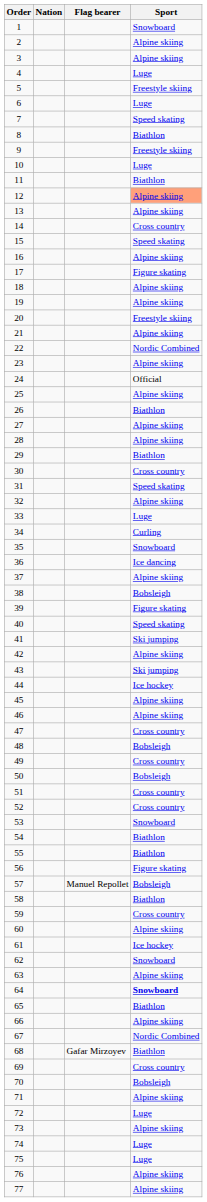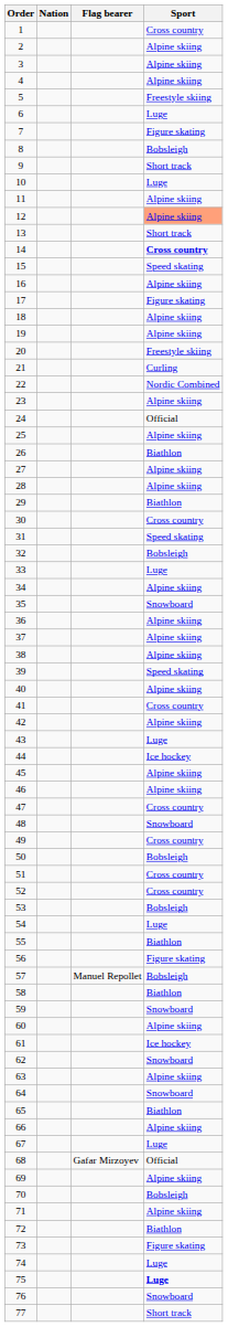 <table class="wikitable sortable" style="font-size:95%;">
 <tr>
 <th>Order</th>
 <th>Nation</th>
 <th>Flag bearer</th>
 <th>Sport</th>
 </tr>
 <tr>
 <td align=center>1</td>
 <td></td>
 <td></td>
-<td><a href='#'>Snowboard</a></td>
+<td><a href='#'>Cross country</a></td>
 </tr>
 <tr>
 <td align=center>2</td>
 <td></td>
 <td></td>
 <td><a href='#'>Alpine skiing</a></td>
 </tr>
 <tr>
 <td align=center>3</td>
 <td></td>
 <td></td>
 <td><a href='#'>Alpine skiing</a></td>
 </tr>
 <tr>
 <td align=center>4</td>
 <td></td>
 <td></td>
-<td><a href='#'>Luge</a></td>
+<td><a href='#'>Alpine skiing</a></td>
 </tr>
 <tr>
 <td align=center>5</td>
 <td></td>
 <td></td>
 <td><a href='#'>Freestyle skiing</a></td>
 </tr>
 <tr>
 <td align=center>6</td>
 <td></td>
 <td></td>
 <td><a href='#'>Luge</a></td>
 </tr>
 <tr>
 <td align=center>7</td>
 <td></td>
 <td></td>
-<td><a href='#'>Speed skating</a></td>
+<td><a href='#'>Figure skating</a></td>
 </tr>
 <tr>
 <td align=center>8</td>
 <td></td>
 <td></td>
-<td><a href='#'>Biathlon</a></td>
+<td><a href='#'>Bobsleigh</a></td>
 </tr>
 <tr>
 <td align=center>9</td>
 <td></td>
 <td></td>
-<td><a href='#'>Freestyle skiing</a></td>
+<td><a href='#'>Short track</a></td>
 </tr>
 <tr>
 <td align=center>10</td>
 <td></td>
 <td></td>
 <td><a href='#'>Luge</a></td>
 </tr>
 <tr>
 <td align=center>11</td>
 <td></td>
 <td></td>
-<td><a href='#'>Biathlon</a></td>
+<td><a href='#'>Alpine skiing</a></td>
 </tr>
 <tr>
 <td align=center>12</td>
 <td></td>
 <td></td>
 <td style="background: lightsalmon;"><a href='#'>Alpine skiing</a></td>
 </tr>
 <tr>
 <td align=center>13</td>
 <td></td>
 <td></td>
-<td><a href='#'>Alpine skiing</a></td>
+<td><a href='#'>Short track</a></td>
 </tr>
 <tr>
 <td align=center>14</td>
 <td></td>
 <td></td>
-<td><a href='#'>Cross country</a></td>
+<td><strong><a href='#'>Cross country</a></strong></td>
 </tr>
 <tr>
 <td align=center>15</td>
 <td></td>
 <td></td>
 <td><a href='#'>Speed skating</a></td>
 </tr>
 <tr>
 <td align=center>16</td>
 <td></td>
 <td></td>
 <td><a href='#'>Alpine skiing</a></td>
 </tr>
 <tr>
 <td align=center>17</td>
 <td></td>
 <td></td>
 <td><a href='#'>Figure skating</a></td>
 </tr>
 <tr>
 <td align=center>18</td>
 <td></td>
 <td></td>
 <td><a href='#'>Alpine skiing</a></td>
 </tr>
 <tr>
 <td align=center>19</td>
 <td></td>
 <td></td>
 <td><a href='#'>Alpine skiing</a></td>
 </tr>
 <tr>
 <td align=center>20</td>
 <td></td>
 <td></td>
 <td><a href='#'>Freestyle skiing</a></td>
 </tr>
 <tr>
 <td align=center>21</td>
 <td></td>
 <td></td>
-<td><a href='#'>Alpine skiing</a></td>
+<td><a href='#'>Curling</a></td>
 </tr>
 <tr>
 <td align=center>22</td>
 <td></td>
 <td></td>
 <td><a href='#'>Nordic Combined</a></td>
 </tr>
 <tr>
 <td align=center>23</td>
 <td></td>
 <td></td>
 <td><a href='#'>Alpine skiing</a></td>
 </tr>
 <tr>
 <td align=center>24</td>
 <td></td>
 <td></td>
 <td>Official</td>
 </tr>
 <tr>
 <td align=center>25</td>
 <td></td>
 <td></td>
 <td><a href='#'>Alpine skiing</a></td>
 </tr>
 <tr>
 <td align=center>26</td>
 <td></td>
 <td></td>
 <td><a href='#'>Biathlon</a></td>
 </tr>
 <tr>
 <td align=center>27</td>
 <td></td>
 <td></td>
 <td><a href='#'>Alpine skiing</a></td>
 </tr>
 <tr>
 <td align=center>28</td>
 <td></td>
 <td></td>
 <td><a href='#'>Alpine skiing</a></td>
 </tr>
 <tr>
 <td align=center>29</td>
 <td></td>
 <td></td>
 <td><a href='#'>Biathlon</a></td>
 </tr>
 <tr>
 <td align=center>30</td>
 <td></td>
 <td></td>
 <td><a href='#'>Cross country</a></td>
 </tr>
 <tr>
 <td align=center>31</td>
 <td></td>
 <td></td>
 <td><a href='#'>Speed skating</a></td>
 </tr>
 <tr>
 <td align=center>32</td>
 <td></td>
 <td></td>
-<td><a href='#'>Alpine skiing</a></td>
+<td><a href='#'>Bobsleigh</a></td>
 </tr>
 <tr>
 <td align=center>33</td>
 <td></td>
 <td></td>
 <td><a href='#'>Luge</a></td>
 </tr>
 <tr>
 <td align=center>34</td>
 <td></td>
 <td></td>
-<td><a href='#'>Curling</a></td>
+<td><a href='#'>Alpine skiing</a></td>
 </tr>
 <tr>
 <td align=center>35</td>
 <td></td>
 <td></td>
 <td><a href='#'>Snowboard</a></td>
 </tr>
 <tr>
 <td align=center>36</td>
 <td></td>
 <td></td>
-<td><a href='#'>Ice dancing</a></td>
+<td><a href='#'>Alpine skiing</a></td>
 </tr>
 <tr>
 <td align=center>37</td>
 <td></td>
 <td></td>
 <td><a href='#'>Alpine skiing</a></td>
 </tr>
 <tr>
 <td align=center>38</td>
 <td></td>
 <td></td>
-<td><a href='#'>Bobsleigh</a></td>
+<td><a href='#'>Alpine skiing</a></td>
 </tr>
 <tr>
 <td align=center>39</td>
 <td></td>
 <td></td>
-<td><a href='#'>Figure skating</a></td>
+<td><a href='#'>Speed skating</a></td>
 </tr>
 <tr>
 <td align=center>40</td>
 <td></td>
 <td></td>
-<td><a href='#'>Speed skating</a></td>
+<td><a href='#'>Alpine skiing</a></td>
 </tr>
 <tr>
 <td align=center>41</td>
 <td></td>
 <td></td>
-<td><a href='#'>Ski jumping</a></td>
+<td><a href='#'>Cross country</a></td>
 </tr>
 <tr>
 <td align=center>42</td>
 <td></td>
 <td></td>
 <td><a href='#'>Alpine skiing</a></td>
 </tr>
 <tr>
 <td align=center>43</td>
 <td></td>
 <td></td>
-<td><a href='#'>Ski jumping</a></td>
+<td><a href='#'>Luge</a></td>
 </tr>
 <tr>
 <td align=center>44</td>
 <td></td>
 <td></td>
 <td><a href='#'>Ice hockey</a></td>
 </tr>
 <tr>
 <td align=center>45</td>
 <td></td>
 <td></td>
 <td><a href='#'>Alpine skiing</a></td>
 </tr>
 <tr>
 <td align=center>46</td>
 <td></td>
 <td></td>
 <td><a href='#'>Alpine skiing</a></td>
 </tr>
 <tr>
 <td align=center>47</td>
 <td></td>
 <td></td>
 <td><a href='#'>Cross country</a></td>
 </tr>
 <tr>
 <td align=center>48</td>
 <td></td>
 <td></td>
-<td><a href='#'>Bobsleigh</a></td>
+<td><a href='#'>Snowboard</a></td>
 </tr>
 <tr>
 <td align=center>49</td>
 <td></td>
 <td></td>
 <td><a href='#'>Cross country</a></td>
 </tr>
 <tr>
 <td align=center>50</td>
 <td></td>
 <td></td>
 <td><a href='#'>Bobsleigh</a></td>
 </tr>
 <tr>
 <td align=center>51</td>
 <td></td>
 <td></td>
 <td><a href='#'>Cross country</a></td>
 </tr>
 <tr>
 <td align=center>52</td>
 <td></td>
 <td></td>
 <td><a href='#'>Cross country</a></td>
 </tr>
 <tr>
 <td align=center>53</td>
 <td></td>
 <td></td>
-<td><a href='#'>Snowboard</a></td>
+<td><a href='#'>Bobsleigh</a></td>
 </tr>
 <tr>
 <td align=center>54</td>
 <td></td>
 <td></td>
-<td><a href='#'>Biathlon</a></td>
+<td><a href='#'>Luge</a></td>
 </tr>
 <tr>
 <td align=center>55</td>
 <td></td>
 <td></td>
 <td><a href='#'>Biathlon</a></td>
 </tr>
 <tr>
 <td align=center>56</td>
 <td></td>
 <td></td>
 <td><a href='#'>Figure skating</a></td>
 </tr>
 <tr>
 <td align=center>57</td>
 <td></td>
 <td>Manuel Repollet</td>
 <td><a href='#'>Bobsleigh</a></td>
 </tr>
 <tr>
 <td align=center>58</td>
 <td></td>
 <td></td>
 <td><a href='#'>Biathlon</a></td>
 </tr>
 <tr>
 <td align=center>59</td>
 <td></td>
 <td></td>
-<td><a href='#'>Cross country</a></td>
+<td><a href='#'>Snowboard</a></td>
 </tr>
 <tr>
 <td align=center>60</td>
 <td></td>
 <td></td>
 <td><a href='#'>Alpine skiing</a></td>
 </tr>
 <tr>
 <td align=center>61</td>
 <td></td>
 <td></td>
 <td><a href='#'>Ice hockey</a></td>
 </tr>
 <tr>
 <td align=center>62</td>
 <td></td>
 <td></td>
 <td><a href='#'>Snowboard</a></td>
 </tr>
 <tr>
 <td align=center>63</td>
 <td></td>
 <td></td>
 <td><a href='#'>Alpine skiing</a></td>
 </tr>
 <tr>
 <td align=center>64</td>
 <td></td>
 <td></td>
-<td><strong><a href='#'>Snowboard</a></strong></td>
+<td><a href='#'>Snowboard</a></td>
 </tr>
 <tr>
 <td align=center>65</td>
 <td></td>
 <td></td>
 <td><a href='#'>Biathlon</a></td>
 </tr>
 <tr>
 <td align=center>66</td>
 <td></td>
 <td></td>
 <td><a href='#'>Alpine skiing</a></td>
 </tr>
 <tr>
 <td align=center>67</td>
 <td></td>
 <td></td>
-<td><a href='#'>Nordic Combined</a></td>
+<td><a href='#'>Luge</a></td>
 </tr>
 <tr>
 <td align=center>68</td>
 <td></td>
 <td>Gafar Mirzoyev</td>
-<td><a href='#'>Biathlon</a></td>
+<td>Official</td>
 </tr>
 <tr>
 <td align=center>69</td>
 <td></td>
 <td></td>
-<td><a href='#'>Cross country</a></td>
+<td><a href='#'>Alpine skiing</a></td>
 </tr>
 <tr>
 <td align=center>70</td>
 <td></td>
 <td></td>
 <td><a href='#'>Bobsleigh</a></td>
 </tr>
 <tr>
 <td align=center>71</td>
 <td></td>
 <td></td>
 <td><a href='#'>Alpine skiing</a></td>
 </tr>
 <tr>
 <td align=center>72</td>
 <td></td>
 <td></td>
-<td><a href='#'>Luge</a></td>
+<td><a href='#'>Biathlon</a></td>
 </tr>
 <tr>
 <td align=center>73</td>
 <td></td>
 <td></td>
-<td><a href='#'>Alpine skiing</a></td>
+<td><a href='#'>Figure skating</a></td>
 </tr>
 <tr>
 <td align=center>74</td>
 <td></td>
 <td></td>
 <td><a href='#'>Luge</a></td>
 </tr>
 <tr>
 <td align=center>75</td>
 <td></td>
 <td></td>
-<td><a href='#'>Luge</a></td>
+<td><strong><a href='#'>Luge</a></strong></td>
 </tr>
 <tr>
 <td align=center>76</td>
 <td></td>
 <td></td>
-<td><a href='#'>Alpine skiing</a></td>
+<td><a href='#'>Snowboard</a></td>
 </tr>
 <tr>
 <td align=center>77</td>
 <td></td>
 <td></td>
-<td><a href='#'>Alpine skiing</a></td>
+<td><a href='#'>Short track</a></td>
 </tr>
 </table>
